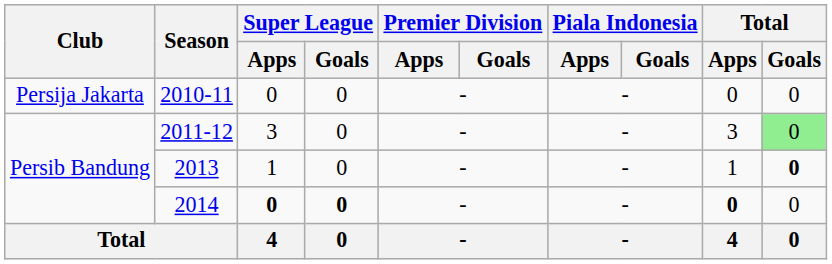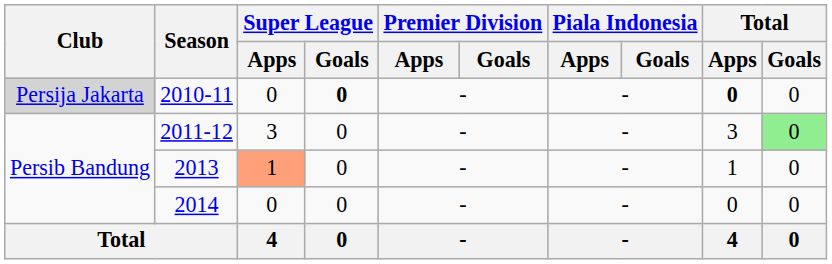 <table class="wikitable" style="font-size:90%; text-align:center;">
 <tr>
 <th rowspan="2">Club</th>
 <th rowspan="2">Season</th>
 <th colspan="2"><a href='#'>Super League</a></th>
 <th colspan="2"><a href='#'>Premier Division</a></th>
 <th colspan="2"><a href='#'>Piala Indonesia</a></th>
 <th colspan="2">Total</th>
 </tr>
 <tr>
 <th>Apps</th>
 <th>Goals</th>
 <th>Apps</th>
 <th>Goals</th>
 <th>Apps</th>
 <th>Goals</th>
 <th>Apps</th>
 <th>Goals</th>
 </tr>
 <tr>
-<td><a href='#'>Persija Jakarta</a></td>
+<td style="background: lightgrey;"><a href='#'>Persija Jakarta</a></td>
 <td><a href='#'>2010-11</a></td>
 <td>0</td>
-<td>0</td>
+<td><strong>0</strong></td>
 <td colspan="2">-</td>
 <td colspan="2">-</td>
-<td>0</td>
+<td><strong>0</strong></td>
 <td>0</td>
 </tr>
 <tr>
 <td rowspan="3"><a href='#'>Persib Bandung</a></td>
 <td><a href='#'>2011-12</a></td>
 <td>3</td>
 <td>0</td>
 <td colspan="2">-</td>
 <td colspan="2">-</td>
 <td>3</td>
 <td style="background: lightgreen;">0</td>
 </tr>
 <tr>
 <td><a href='#'>2013</a></td>
-<td>1</td>
+<td style="background: lightsalmon;">1</td>
 <td>0</td>
 <td colspan="2">-</td>
 <td colspan="2">-</td>
 <td>1</td>
-<td><strong>0</strong></td>
+<td>0</td>
 </tr>
 <tr>
 <td><a href='#'>2014</a></td>
-<td><strong>0</strong></td>
-<td><strong>0</strong></td>
+<td>0</td>
+<td>0</td>
 <td colspan="2">-</td>
 <td colspan="2">-</td>
-<td><strong>0</strong></td>
+<td>0</td>
 <td>0</td>
 </tr>
 <tr>
 <th colspan="2">Total</th>
 <th>4</th>
 <th>0</th>
 <th colspan="2">-</th>
 <th colspan="2">-</th>
 <th>4</th>
 <th>0</th>
 </tr>
 </table>
